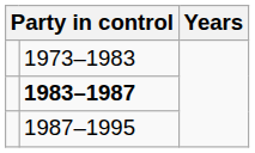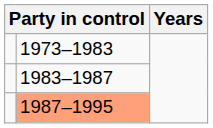 <table class="wikitable">
 <tr>
 <th colspan="2">Party in control</th>
 <th>Years</th>
 </tr>
 <tr>
 <td></td>
 <td>1973–1983</td>
 </tr>
 <tr>
 <td></td>
-<td><strong>1983–1987</strong></td>
+<td>1983–1987</td>
 </tr>
 <tr>
 <td></td>
-<td>1987–1995</td>
+<td style="background: lightsalmon;">1987–1995</td>
 </tr>
 </table>
